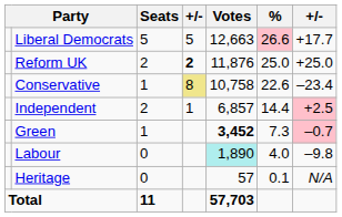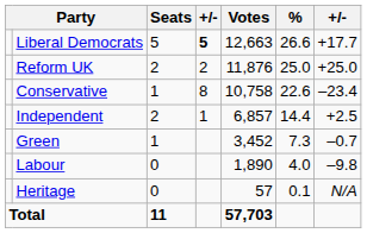 <table class="wikitable sortable">
 <tr>
 <th colspan="2">Party</th>
 <th>Seats</th>
 <th>+/-</th>
 <th>Votes</th>
 <th>%</th>
 <th>+/-</th>
 </tr>
 <tr>
 <td style="background-color: "></td>
 <td><a href='#'>Liberal Democrats</a></td>
 <td>5</td>
-<td> 5</td>
+<td><strong> 5</strong></td>
 <td style="text-align:right;">12,663</td>
-<td style="background: pink; text-align:right;">26.6</td>
+<td style="text-align:right;">26.6</td>
 <td style="text-align:right;">+17.7</td>
 </tr>
 <tr>
 <td style="background-color: "></td>
 <td><a href='#'>Reform UK</a></td>
 <td>2</td>
-<td><strong> 2</strong></td>
+<td> 2</td>
 <td style="text-align:right;">11,876</td>
 <td style="text-align:right;">25.0</td>
 <td style="text-align:right;">+25.0</td>
 </tr>
 <tr>
 <td style="background-color: "></td>
 <td><a href='#'>Conservative</a></td>
 <td>1</td>
-<td style="background: khaki;"> 8</td>
+<td> 8</td>
 <td style="text-align:right;">10,758</td>
 <td style="text-align:right;">22.6</td>
 <td style="text-align:right;">–23.4</td>
 </tr>
 <tr>
 <td style="background-color: "></td>
 <td><a href='#'>Independent</a></td>
 <td>2</td>
 <td> 1</td>
 <td style="text-align:right;">6,857</td>
 <td style="text-align:right;">14.4</td>
-<td style="background: pink; text-align:right;">+2.5</td>
+<td style="text-align:right;">+2.5</td>
 </tr>
 <tr>
 <td style="background-color: "></td>
 <td><a href='#'>Green</a></td>
 <td>1</td>
 <td></td>
-<td style="text-align:right;"><strong>3,452</strong></td>
+<td style="text-align:right;">3,452</td>
 <td style="text-align:right;">7.3</td>
-<td style="background: pink; text-align:right;">–0.7</td>
+<td style="text-align:right;">–0.7</td>
 </tr>
 <tr>
 <td style="background-color: "></td>
 <td><a href='#'>Labour</a></td>
 <td>0</td>
 <td></td>
-<td style="background: paleturquoise; text-align:right;">1,890</td>
+<td style="text-align:right;">1,890</td>
 <td style="text-align:right;">4.0</td>
 <td style="text-align:right;">–9.8</td>
 </tr>
 <tr>
 <td style="background-color: "></td>
 <td><a href='#'>Heritage</a></td>
 <td>0</td>
 <td></td>
 <td style="text-align:right;">57</td>
 <td style="text-align:right;">0.1</td>
 <td style="text-align:right;"><em>N/A</em></td>
 </tr>
 <tr>
 <td colspan="2"><strong>Total</strong></td>
 <td><strong>11</strong></td>
 <td></td>
 <td style="text-align:right;"><strong>57,703</strong></td>
 <td style="text-align:right;"></td>
 <td style="text-align:right;"></td>
 </tr>
 </table>
